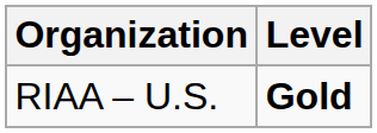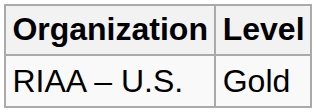 <table class="wikitable">
 <tr>
 <th>Organization</th>
 <th>Level</th>
 </tr>
 <tr>
 <td>RIAA – U.S.</td>
-<td><strong>Gold</strong></td>
+<td>Gold</td>
 </tr>
 </table>
